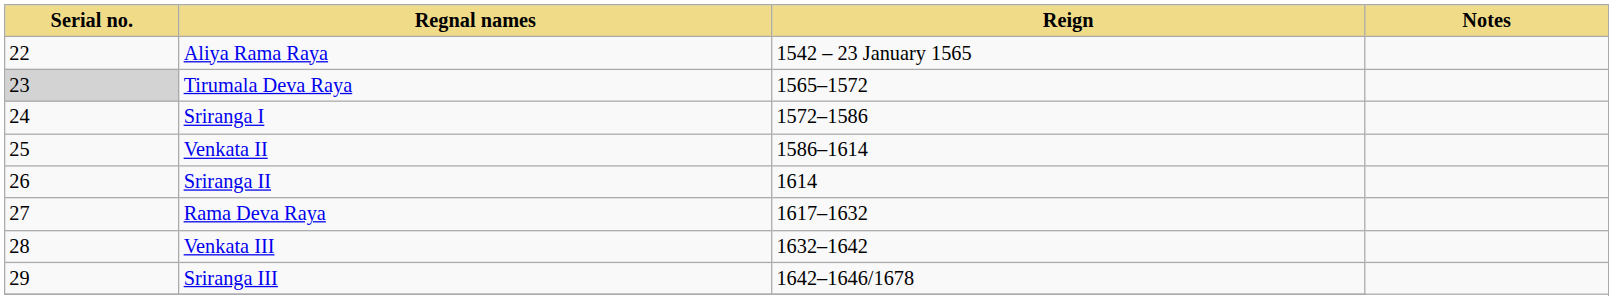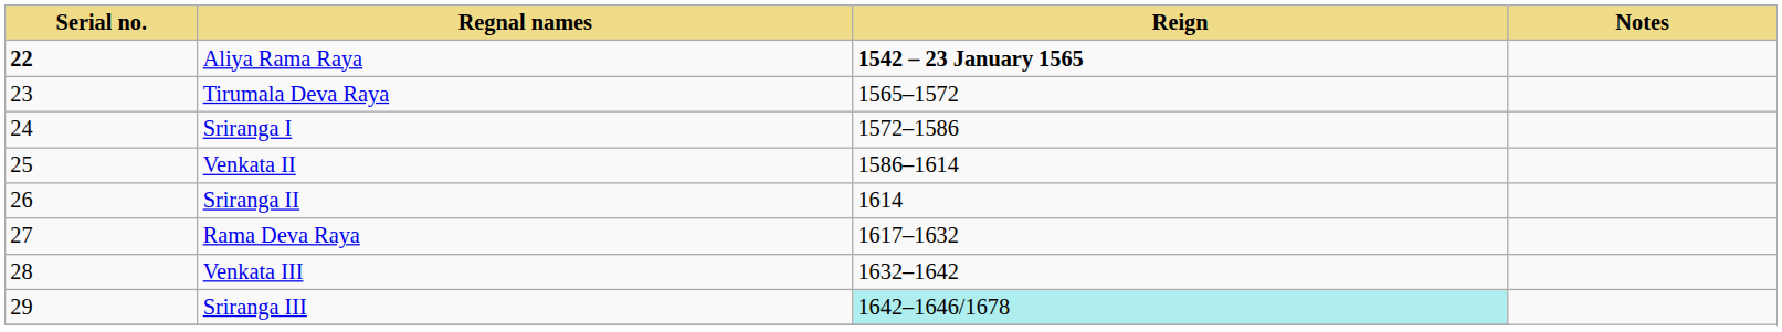 <table style="width:100%;" class="wikitable">
 <tr>
 <th style="background:#f0dc88; width:5%;">Serial no.</th>
 <th style="background:#f0dc88; width:17%;">Regnal names</th>
 <th style="background:#f0dc88; width:17%;">Reign</th>
 <th style="background:#f0dc88; width:7%;">Notes</th>
 </tr>
 <tr>
-<td>22</td>
+<td><strong>22</strong></td>
 <td><a href='#'>Aliya Rama Raya</a></td>
-<td>1542 – 23 January 1565</td>
+<td><strong>1542 – 23 January 1565</strong></td>
 <td></td>
 </tr>
 <tr>
-<td style="background: lightgrey;">23</td>
+<td>23</td>
 <td><a href='#'>Tirumala Deva Raya</a></td>
 <td>1565–1572</td>
 <td></td>
 </tr>
 <tr>
 <td>24</td>
 <td><a href='#'>Sriranga I</a></td>
 <td>1572–1586</td>
 <td></td>
 </tr>
 <tr>
 <td>25</td>
 <td><a href='#'>Venkata II</a></td>
 <td>1586–1614</td>
 <td></td>
 </tr>
 <tr>
 <td>26</td>
 <td><a href='#'>Sriranga II</a></td>
 <td>1614</td>
 <td></td>
 </tr>
 <tr>
 <td>27</td>
 <td><a href='#'>Rama Deva Raya</a></td>
 <td>1617–1632</td>
 <td></td>
 </tr>
 <tr>
 <td>28</td>
 <td><a href='#'>Venkata III</a></td>
 <td>1632–1642</td>
 <td></td>
 </tr>
 <tr>
 <td>29</td>
 <td><a href='#'>Sriranga III</a></td>
-<td>1642–1646/1678</td>
+<td style="background: paleturquoise;">1642–1646/1678</td>
 </tr>
 <tr>
 </tr>
 </table>
